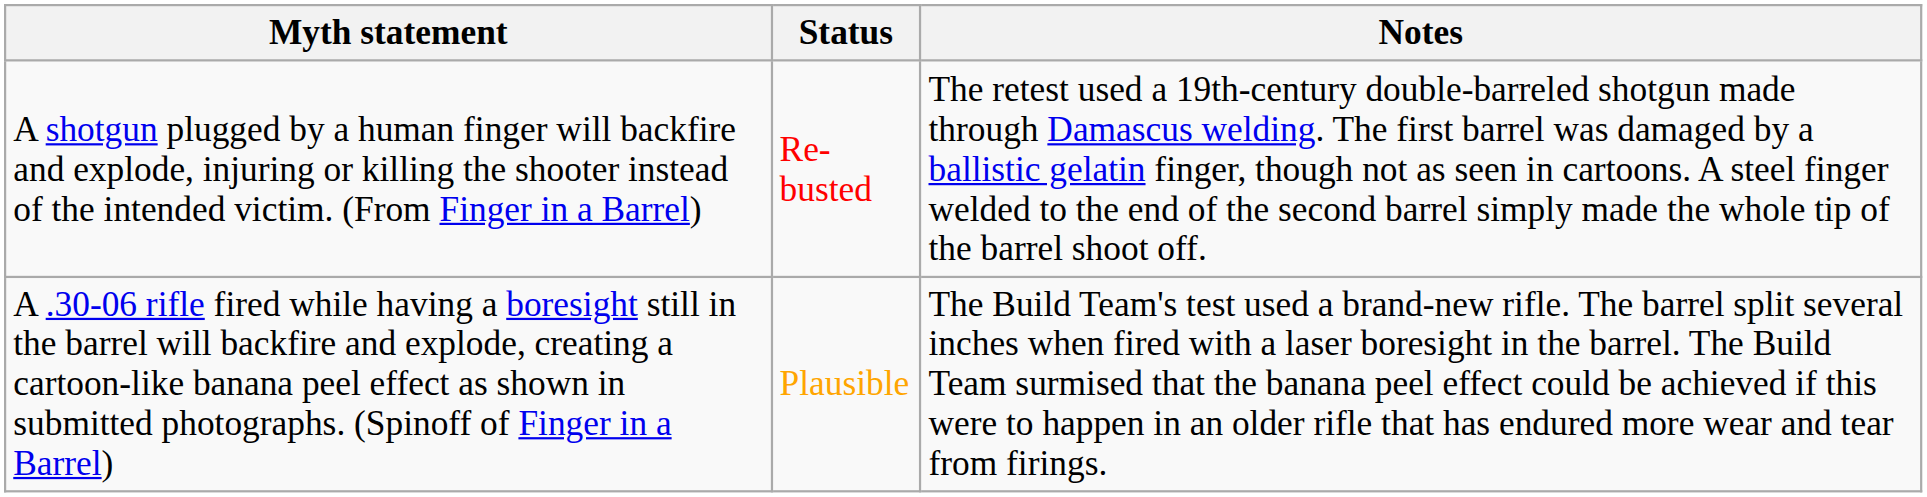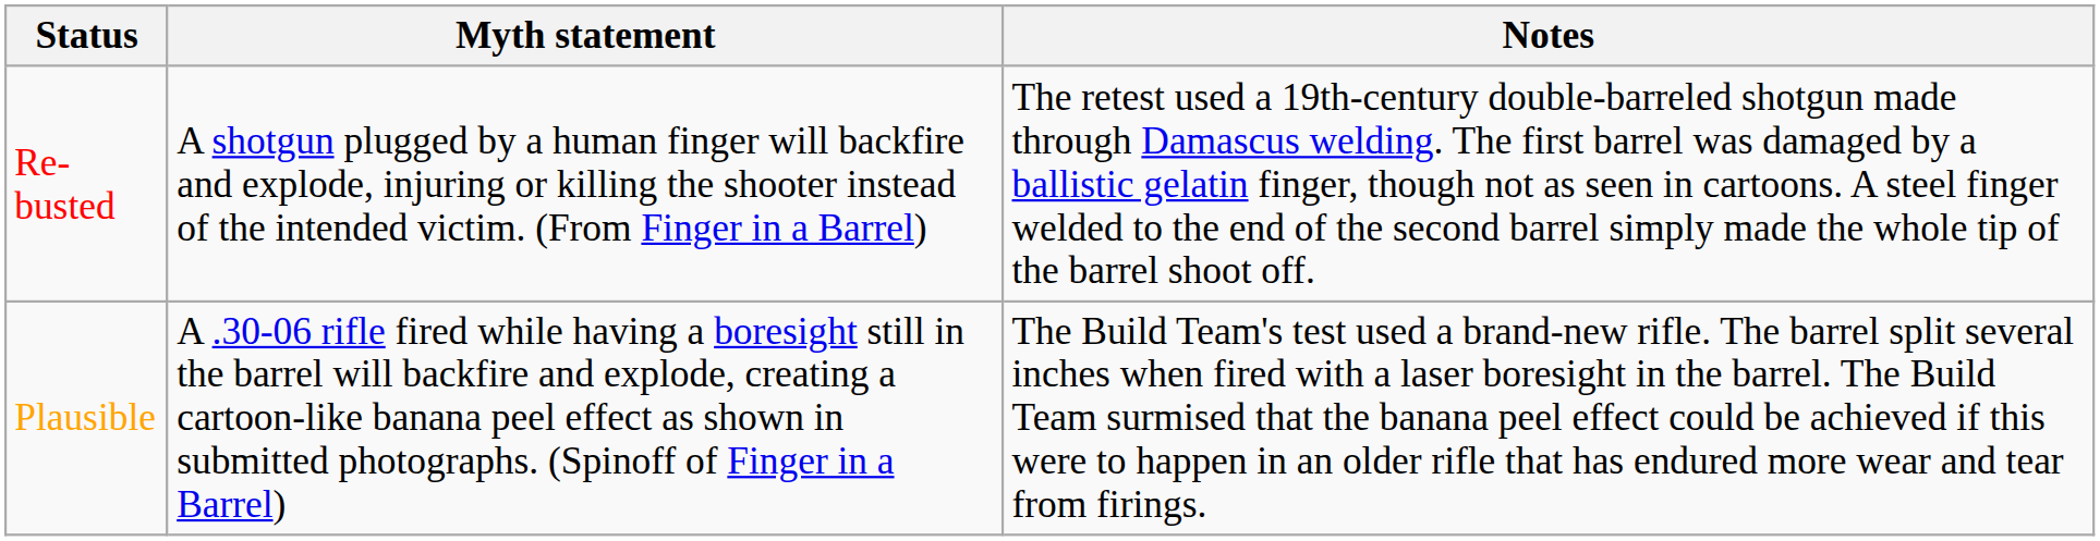 <table class="wikitable plainrowheaders">
 <tr>
+<th>Status</th>
 <th>Myth statement</th>
-<th>Status</th>
 <th>Notes</th>
 </tr>
 <tr>
+<td style="color:red">Re-busted</td>
 <td>A <a href='#'>shotgun</a> plugged by a human finger will backfire and explode, injuring or killing the shooter instead of the intended victim. (From <a href='#'>Finger in a Barrel</a>)</td>
-<td style="color:red">Re-busted</td>
 <td>The retest used a 19th-century double-barreled shotgun made through <a href='#'>Damascus welding</a>. The first barrel was damaged by a <a href='#'>ballistic gelatin</a> finger, though not as seen in cartoons. A steel finger welded to the end of the second barrel simply made the whole tip of the barrel shoot off.</td>
 </tr>
 <tr>
+<td style="color:orange">Plausible</td>
 <td>A <a href='#'>.30-06 rifle</a> fired while having a <a href='#'>boresight</a> still in the barrel will backfire and explode, creating a cartoon-like banana peel effect as shown in submitted photographs. (Spinoff of <a href='#'>Finger in a Barrel</a>)</td>
-<td style="color:orange">Plausible</td>
 <td>The Build Team's test used a brand-new rifle. The barrel split several inches when fired with a laser boresight in the barrel. The Build Team surmised that the banana peel effect could be achieved if this were to happen in an older rifle that has endured more wear and tear from firings.</td>
 </tr>
 </table>
